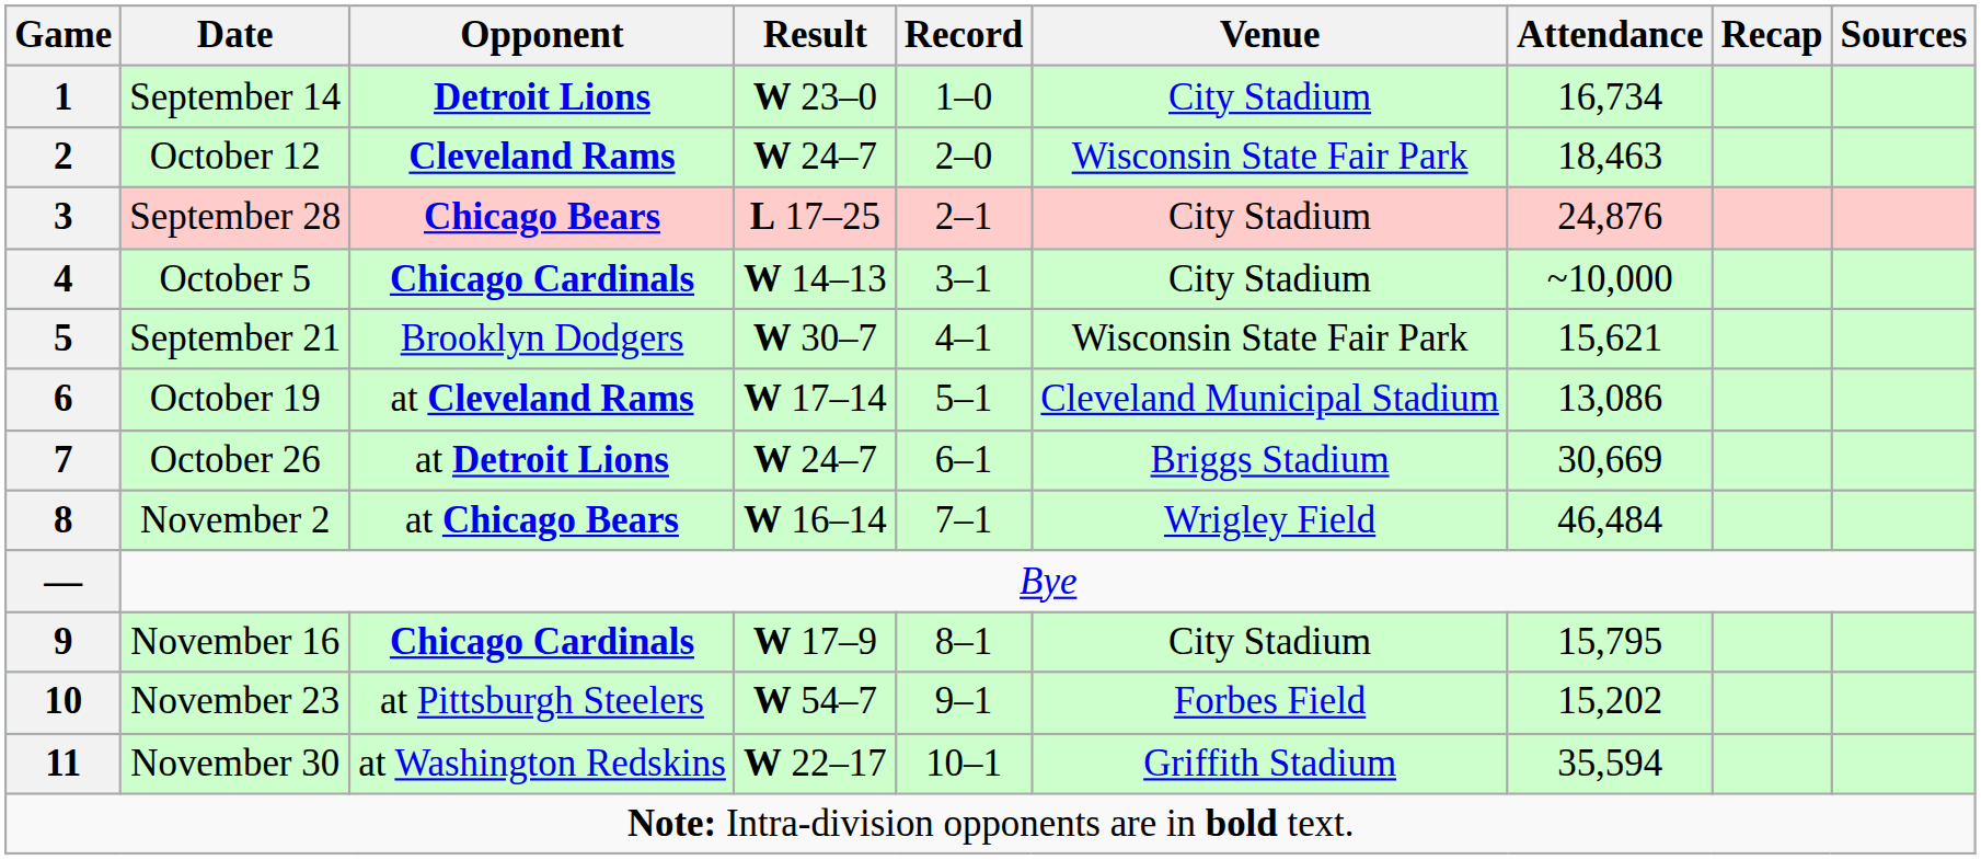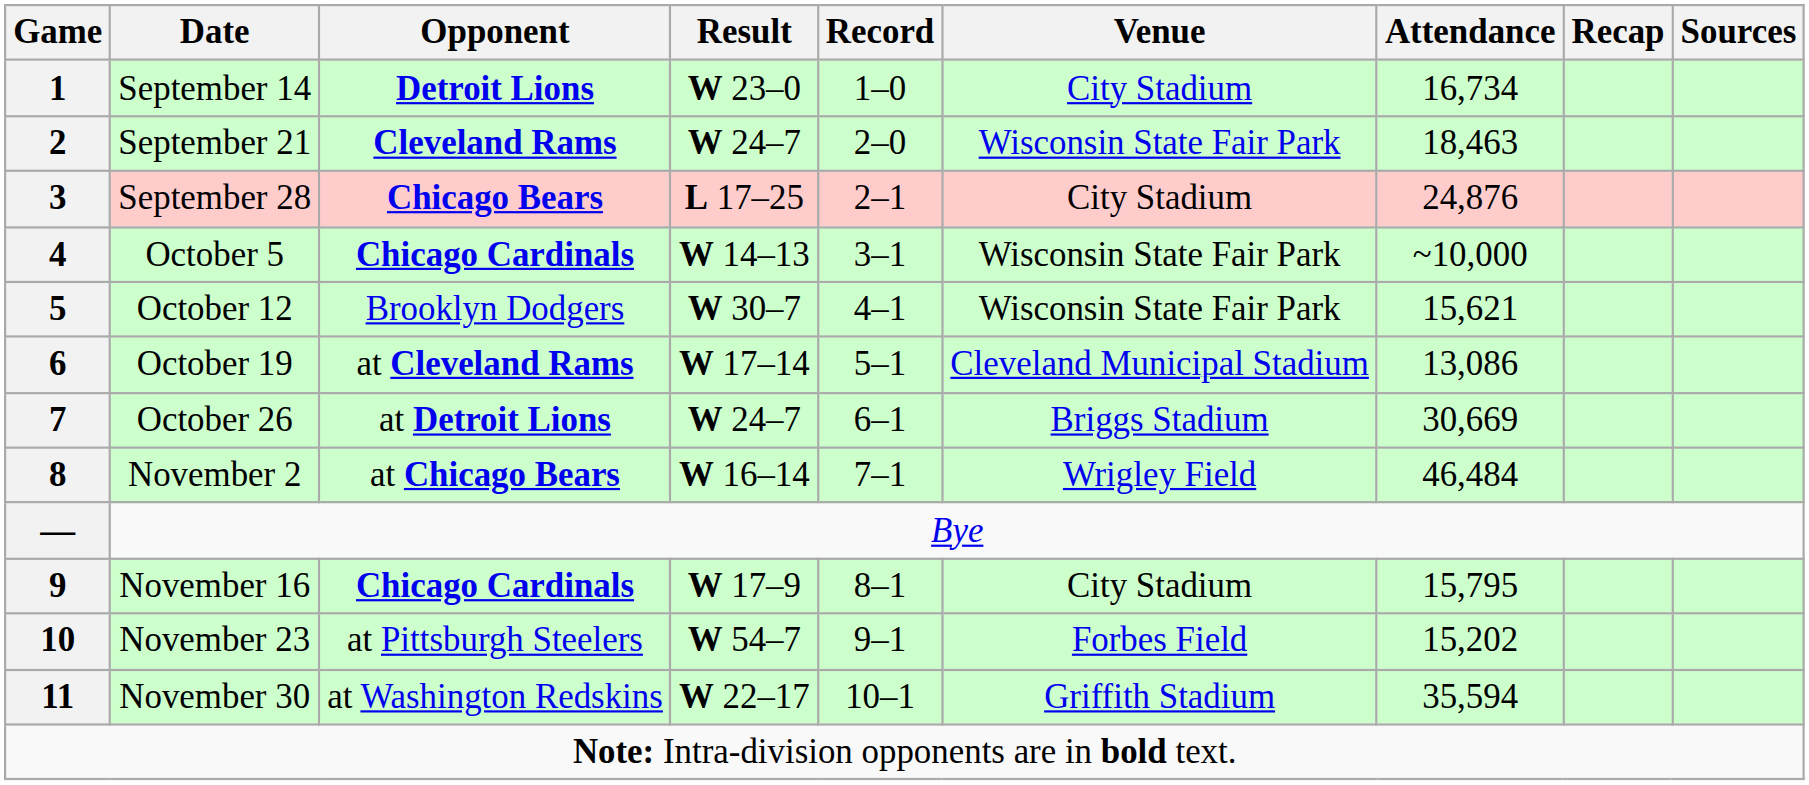 <table class="wikitable" style="text-align:center">
 <tr>
 <th>Game</th>
 <th>Date</th>
 <th>Opponent</th>
 <th>Result</th>
 <th>Record</th>
 <th>Venue</th>
 <th>Attendance</th>
 <th>Recap</th>
 <th>Sources</th>
 </tr>
 <tr style="background:#cfc">
 <th>1</th>
 <td>September 14</td>
 <td><strong><a href='#'>Detroit Lions</a></strong></td>
 <td><strong>W</strong> 23–0</td>
 <td>1–0</td>
 <td><a href='#'>City Stadium</a></td>
 <td>16,734</td>
 <td></td>
 <td></td>
 </tr>
 <tr style="background:#cfc">
 <th>2</th>
-<td>October 12</td>
+<td>September 21</td>
 <td><strong><a href='#'>Cleveland Rams</a></strong></td>
 <td><strong>W</strong> 24–7</td>
 <td>2–0</td>
 <td><a href='#'>Wisconsin State Fair Park</a></td>
 <td>18,463</td>
 <td></td>
 <td></td>
 </tr>
 <tr style="background:#fcc">
 <th>3</th>
 <td>September 28</td>
 <td><strong><a href='#'>Chicago Bears</a></strong></td>
 <td><strong>L</strong> 17–25</td>
 <td>2–1</td>
 <td>City Stadium</td>
 <td>24,876</td>
 <td></td>
 <td></td>
 </tr>
 <tr style="background:#cfc">
 <th>4</th>
 <td>October 5</td>
 <td><strong><a href='#'>Chicago Cardinals</a></strong></td>
 <td><strong>W</strong> 14–13</td>
 <td>3–1</td>
-<td>City Stadium</td>
+<td>Wisconsin State Fair Park</td>
 <td>~10,000</td>
 <td></td>
 <td></td>
 </tr>
 <tr style="background:#cfc">
 <th>5</th>
-<td>September 21</td>
+<td>October 12</td>
 <td><a href='#'>Brooklyn Dodgers</a></td>
 <td><strong>W</strong> 30–7</td>
 <td>4–1</td>
 <td>Wisconsin State Fair Park</td>
 <td>15,621</td>
 <td></td>
 <td></td>
 </tr>
 <tr style="background:#cfc">
 <th>6</th>
 <td>October 19</td>
 <td>at <strong><a href='#'>Cleveland Rams</a></strong></td>
 <td><strong>W</strong> 17–14</td>
 <td>5–1</td>
 <td><a href='#'>Cleveland Municipal Stadium</a></td>
 <td>13,086</td>
 <td></td>
 <td></td>
 </tr>
 <tr style="background:#cfc">
 <th>7</th>
 <td>October 26</td>
 <td>at <strong><a href='#'>Detroit Lions</a></strong></td>
 <td><strong>W</strong> 24–7</td>
 <td>6–1</td>
 <td><a href='#'>Briggs Stadium</a></td>
 <td>30,669</td>
 <td></td>
 <td></td>
 </tr>
 <tr style="background:#cfc">
 <th>8</th>
 <td>November 2</td>
 <td>at <strong><a href='#'>Chicago Bears</a></strong></td>
 <td><strong>W</strong> 16–14</td>
 <td>7–1</td>
 <td><a href='#'>Wrigley Field</a></td>
 <td>46,484</td>
 <td></td>
 <td></td>
 </tr>
 <tr>
 <th>—</th>
 <td colspan="9"><em><a href='#'>Bye</a></em></td>
 </tr>
 <tr style="background: #cfc">
 <th>9</th>
 <td>November 16</td>
 <td><strong><a href='#'>Chicago Cardinals</a></strong></td>
 <td><strong>W</strong> 17–9</td>
 <td>8–1</td>
 <td>City Stadium</td>
 <td>15,795</td>
 <td></td>
 <td></td>
 </tr>
 <tr style="background:#cfc">
 <th>10</th>
 <td>November 23</td>
 <td>at <a href='#'>Pittsburgh Steelers</a></td>
 <td><strong>W</strong> 54–7</td>
 <td>9–1</td>
 <td><a href='#'>Forbes Field</a></td>
 <td>15,202</td>
 <td></td>
 <td></td>
 </tr>
 <tr style="background:#cfc">
 <th>11</th>
 <td>November 30</td>
 <td>at <a href='#'>Washington Redskins</a></td>
 <td><strong>W</strong> 22–17</td>
 <td>10–1</td>
 <td><a href='#'>Griffith Stadium</a></td>
 <td>35,594</td>
 <td></td>
 <td></td>
 </tr>
 <tr>
 <td colspan="10"><strong>Note:</strong> Intra-division opponents are in <strong>bold</strong> text.</td>
 </tr>
 </table>
